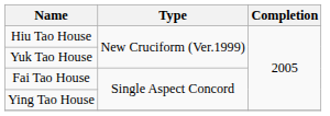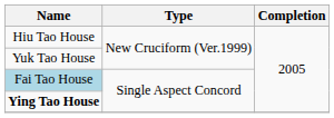 <table class="wikitable" style="text-align: center">
 <tr>
 <th>Name</th>
 <th>Type</th>
 <th>Completion</th>
 </tr>
 <tr>
 <td>Hiu Tao House</td>
 <td rowspan="2">New Cruciform (Ver.1999)</td>
 <td rowspan="4">2005</td>
 </tr>
 <tr>
 <td>Yuk Tao House</td>
 </tr>
 <tr>
-<td>Fai Tao House</td>
+<td style="background: lightblue;">Fai Tao House</td>
 <td rowspan="2">Single Aspect Concord</td>
 </tr>
 <tr>
-<td>Ying Tao House</td>
+<td><strong>Ying Tao House</strong></td>
 </tr>
 <tr>
 </tr>
 </table>
